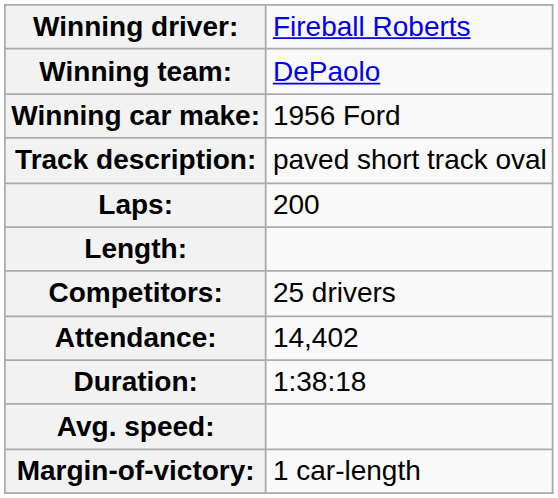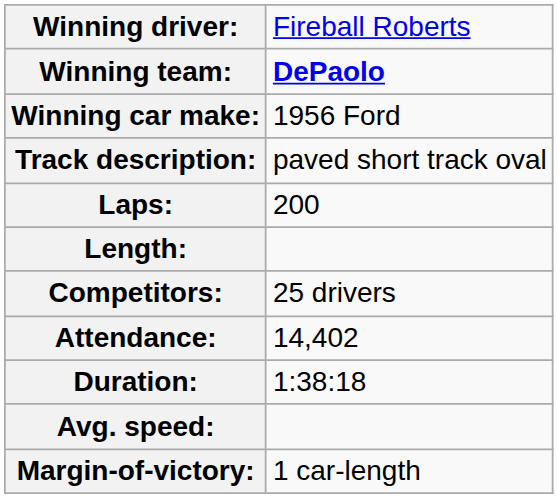 <table class="wikitable" style=text-align:left>
 <tr>
 <th>Winning driver:</th>
 <td><a href='#'>Fireball Roberts</a></td>
 </tr>
 <tr>
 <th>Winning team:</th>
-<td><a href='#'>DePaolo</a></td>
+<td><strong><a href='#'>DePaolo</a></strong></td>
 </tr>
 <tr>
 <th>Winning car make:</th>
 <td>1956 Ford</td>
 </tr>
 <tr>
 <th>Track description:</th>
 <td> paved short track oval</td>
 </tr>
 <tr>
 <th>Laps:</th>
 <td>200</td>
 </tr>
 <tr>
 <th>Length:</th>
 <td></td>
 </tr>
 <tr>
 <th>Competitors:</th>
 <td>25 drivers</td>
 </tr>
 <tr>
 <th>Attendance:</th>
 <td>14,402</td>
 </tr>
 <tr>
 <th>Duration:</th>
 <td>1:38:18</td>
 </tr>
 <tr>
 <th>Avg. speed:</th>
 <td></td>
 </tr>
 <tr>
 <th>Margin-of-victory:</th>
 <td>1 car-length</td>
 </tr>
 </table>
